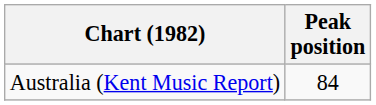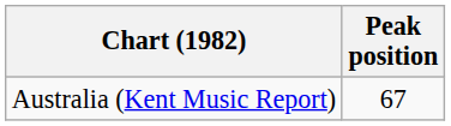 <table class="wikitable">
 <tr>
 <th scope="col">Chart (1982)</th>
 <th>Peak<br>position</th>
 </tr>
 <tr>
 <td>Australia (<a href='#'>Kent Music Report</a>)</td>
-<td style="text-align:center;">84</td>
+<td style="text-align:center;">67</td>
 </tr>
 </table>
